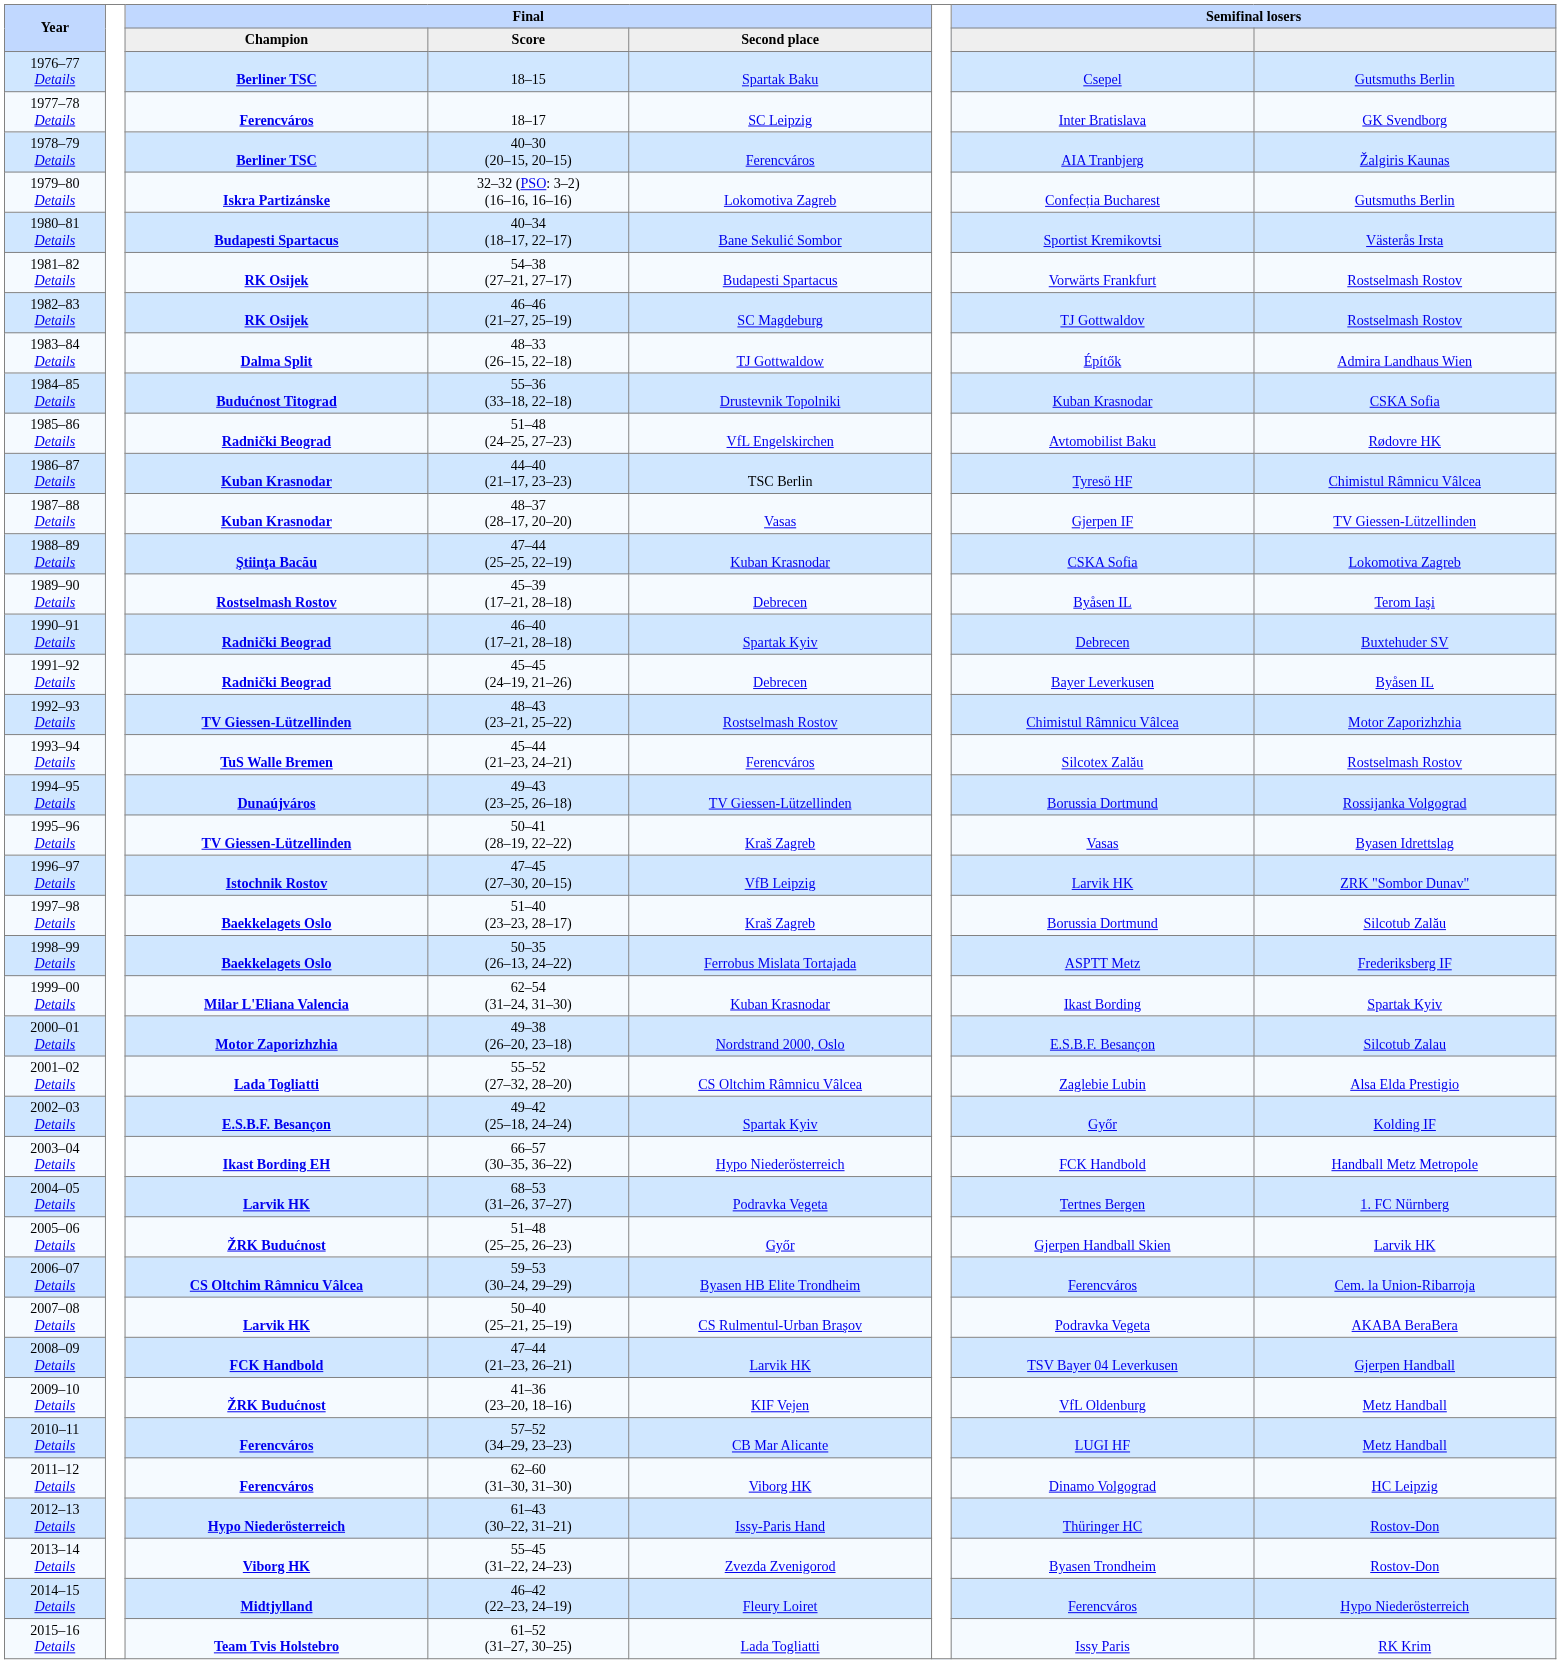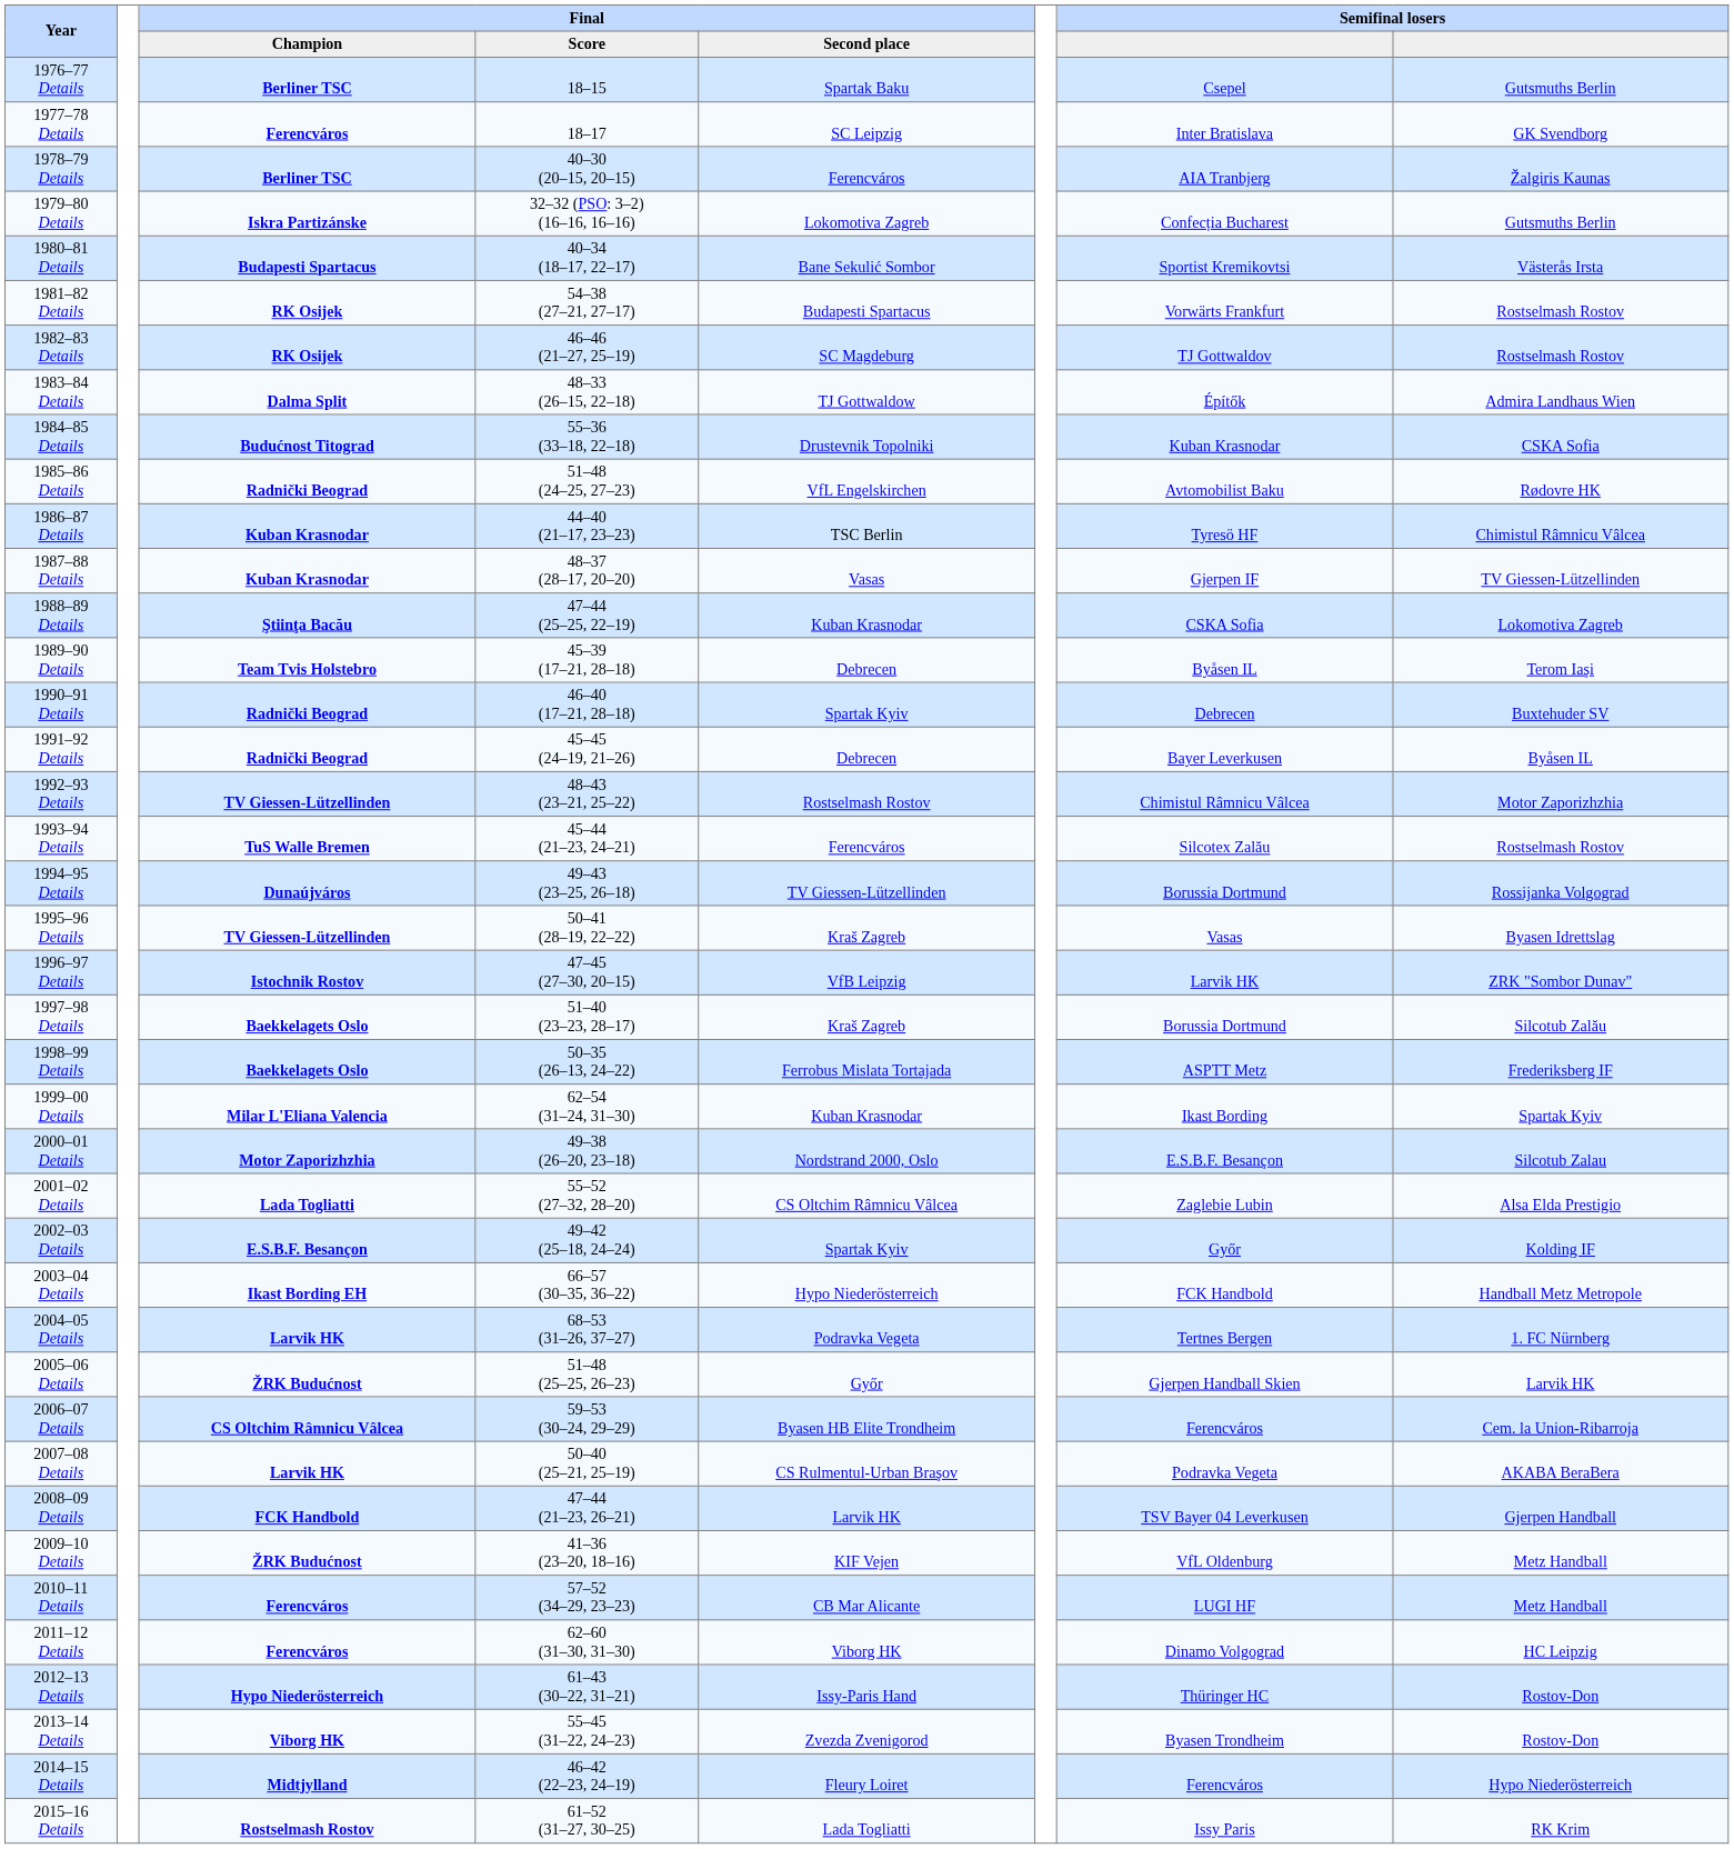 <table border=1 style="border-collapse:collapse; font-size:90%;" cellpadding=3 cellspacing=0 width=100%>
 <tr bgcolor=#C1D8FF>
 <th rowspan=2 width=5%>Year</th>
 <th width=1% rowspan=42 bgcolor=ffffff></th>
 <th colspan=3>Final</th>
 <th width=1% rowspan=42 bgcolor=ffffff></th>
 <th colspan=2>Semifinal losers</th>
 </tr>
 <tr bgcolor=#EFEFEF>
 <th width=15%>Champion</th>
 <th width=10%>Score</th>
 <th width=15%>Second place</th>
 <th width=15%></th>
 <th width=15%></th>
 </tr>
 <tr align=center valign=bottom bgcolor=#DOE7FF>
 <td>1976–77<br><em><a href='#'>Details</a></em></td>
 <td><br> <strong><a href='#'>Berliner TSC</a></strong></td>
 <td>18–15</td>
 <td><br><a href='#'>Spartak Baku</a></td>
 <td><br><a href='#'>Csepel</a></td>
 <td><br><a href='#'>Gutsmuths Berlin</a></td>
 </tr>
 <tr align=center valign=bottom bgcolor=#F5FAFF>
 <td>1977–78<br><em><a href='#'>Details</a></em></td>
 <td><br> <strong><a href='#'>Ferencváros</a></strong></td>
 <td>18–17</td>
 <td><br><a href='#'>SC Leipzig</a></td>
 <td><br><a href='#'>Inter Bratislava</a></td>
 <td><br><a href='#'>GK Svendborg</a></td>
 </tr>
 <tr align=center valign=bottom bgcolor=#DOE7FF>
 <td>1978–79<br><em><a href='#'>Details</a></em></td>
 <td><br> <strong><a href='#'>Berliner TSC</a></strong></td>
 <td>40–30<br>(20–15, 20–15)</td>
 <td><br><a href='#'>Ferencváros</a></td>
 <td><br><a href='#'>AIA Tranbjerg</a></td>
 <td><br><a href='#'>Žalgiris Kaunas</a></td>
 </tr>
 <tr align=center valign=bottom bgcolor=#F5FAFF>
 <td>1979–80<br><em><a href='#'>Details</a></em></td>
 <td><br> <strong><a href='#'>Iskra Partizánske</a></strong></td>
 <td>32–32 (<a href='#'>PSO</a>: 3–2)<br>(16–16, 16–16)</td>
 <td><br><a href='#'>Lokomotiva Zagreb</a></td>
 <td><br><a href='#'>Confecția Bucharest</a></td>
 <td><br><a href='#'>Gutsmuths Berlin</a></td>
 </tr>
 <tr align=center valign=bottom bgcolor=#DOE7FF>
 <td>1980–81<br><em><a href='#'>Details</a></em></td>
 <td><br> <strong><a href='#'>Budapesti Spartacus</a></strong></td>
 <td>40–34<br>(18–17, 22–17)</td>
 <td><br><a href='#'>Bane Sekulić Sombor</a></td>
 <td><br><a href='#'>Sportist Kremikovtsi</a></td>
 <td><br><a href='#'>Västerås Irsta</a></td>
 </tr>
 <tr align=center valign=bottom bgcolor=#F5FAFF>
 <td>1981–82<br><em><a href='#'>Details</a></em></td>
 <td><br> <strong><a href='#'>RK Osijek</a></strong></td>
 <td>54–38<br>(27–21, 27–17)</td>
 <td><br><a href='#'>Budapesti Spartacus</a></td>
 <td><br><a href='#'>Vorwärts Frankfurt</a></td>
 <td><br><a href='#'>Rostselmash Rostov</a></td>
 </tr>
 <tr align=center valign=bottom bgcolor=#DOE7FF>
 <td>1982–83<br><em><a href='#'>Details</a></em></td>
 <td><br> <strong><a href='#'>RK Osijek</a></strong></td>
 <td>46–46<br>(21–27, 25–19)</td>
 <td><br><a href='#'>SC Magdeburg</a></td>
 <td><br><a href='#'>TJ Gottwaldov</a></td>
 <td><br><a href='#'>Rostselmash Rostov</a></td>
 </tr>
 <tr align=center valign=bottom bgcolor=#F5FAFF>
 <td>1983–84<br><em><a href='#'>Details</a></em></td>
 <td><br> <strong><a href='#'>Dalma Split</a></strong></td>
 <td>48–33<br>(26–15, 22–18)</td>
 <td><br><a href='#'>TJ Gottwaldow</a></td>
 <td><br><a href='#'>Építők</a></td>
 <td><br><a href='#'>Admira Landhaus Wien</a></td>
 </tr>
 <tr align=center valign=bottom bgcolor=#DOE7FF>
 <td>1984–85<br><em><a href='#'>Details</a></em></td>
 <td><br> <strong><a href='#'>Budućnost Titograd</a></strong></td>
 <td>55–36<br>(33–18, 22–18)</td>
 <td><br><a href='#'>Drustevnik Topolniki</a></td>
 <td><br><a href='#'>Kuban Krasnodar</a></td>
 <td><br><a href='#'>CSKA Sofia</a></td>
 </tr>
 <tr align=center valign=bottom bgcolor=#F5FAFF>
 <td>1985–86<br><em><a href='#'>Details</a></em></td>
 <td><br> <strong><a href='#'>Radnički Beograd</a></strong></td>
 <td>51–48<br>(24–25, 27–23)</td>
 <td><br><a href='#'>VfL Engelskirchen</a></td>
 <td><br><a href='#'>Avtomobilist Baku</a></td>
 <td><br><a href='#'>Rødovre HK</a></td>
 </tr>
 <tr align=center valign=bottom bgcolor=#DOE7FF>
 <td>1986–87<br><em><a href='#'>Details</a></em></td>
 <td><br> <strong><a href='#'>Kuban Krasnodar</a></strong></td>
 <td>44–40<br>(21–17, 23–23)</td>
 <td><br>TSC Berlin</td>
 <td><br><a href='#'>Tyresö HF</a></td>
 <td><br><a href='#'>Chimistul Râmnicu Vâlcea</a></td>
 </tr>
 <tr align=center valign=bottom bgcolor=#F5FAFF>
 <td>1987–88<br><em><a href='#'>Details</a></em></td>
 <td><br> <strong><a href='#'>Kuban Krasnodar</a></strong></td>
 <td>48–37<br>(28–17, 20–20)</td>
 <td><br><a href='#'>Vasas</a></td>
 <td><br><a href='#'>Gjerpen IF</a></td>
 <td><br><a href='#'>TV Giessen-Lützellinden</a></td>
 </tr>
 <tr align=center valign=bottom bgcolor=#DOE7FF>
 <td>1988–89<br><em><a href='#'>Details</a></em></td>
 <td><br> <strong><a href='#'>Ştiinţa Bacău</a></strong></td>
 <td>47–44<br>(25–25, 22–19)</td>
 <td><br><a href='#'>Kuban Krasnodar</a></td>
 <td><br><a href='#'>CSKA Sofia</a></td>
 <td><br><a href='#'>Lokomotiva Zagreb</a></td>
 </tr>
 <tr align=center valign=bottom bgcolor=#F5FAFF>
 <td>1989–90<br><em><a href='#'>Details</a></em></td>
-<td><br> <strong><a href='#'>Rostselmash Rostov</a></strong></td>
+<td><br><strong><a href='#'>Team Tvis Holstebro</a></strong></td>
 <td>45–39<br>(17–21, 28–18)</td>
 <td><br><a href='#'>Debrecen</a></td>
 <td><br><a href='#'>Byåsen IL</a></td>
 <td><br><a href='#'>Terom Iaşi</a></td>
 </tr>
 <tr align=center valign=bottom bgcolor=#DOE7FF>
 <td>1990–91<br><em><a href='#'>Details</a></em></td>
 <td><br> <strong><a href='#'>Radnički Beograd</a></strong></td>
 <td>46–40<br>(17–21, 28–18)</td>
 <td><br><a href='#'>Spartak Kyiv</a></td>
 <td><br><a href='#'>Debrecen</a></td>
 <td><br><a href='#'>Buxtehuder SV</a></td>
 </tr>
 <tr align=center valign=bottom bgcolor=#F5FAFF>
 <td>1991–92<br><em><a href='#'>Details</a></em></td>
 <td><br> <strong><a href='#'>Radnički Beograd</a></strong></td>
 <td>45–45<br>(24–19, 21–26)</td>
 <td><br><a href='#'>Debrecen</a></td>
 <td><br><a href='#'>Bayer Leverkusen</a></td>
 <td><br><a href='#'>Byåsen IL</a></td>
 </tr>
 <tr align=center valign=bottom bgcolor=#DOE7FF>
 <td>1992–93<br><em><a href='#'>Details</a></em></td>
 <td><br> <strong><a href='#'>TV Giessen-Lützellinden</a></strong></td>
 <td>48–43<br>(23–21, 25–22)</td>
 <td><br><a href='#'>Rostselmash Rostov</a></td>
 <td><br><a href='#'>Chimistul Râmnicu Vâlcea</a></td>
 <td><br><a href='#'>Motor Zaporizhzhia</a></td>
 </tr>
 <tr align=center valign=bottom bgcolor=#F5FAFF>
 <td>1993–94<br><em><a href='#'>Details</a></em></td>
 <td><br> <strong><a href='#'>TuS Walle Bremen</a></strong></td>
 <td>45–44<br>(21–23, 24–21)</td>
 <td><br><a href='#'>Ferencváros</a></td>
 <td><br><a href='#'>Silcotex Zalău</a></td>
 <td><br><a href='#'>Rostselmash Rostov</a></td>
 </tr>
 <tr align=center valign=bottom bgcolor=#D0E7FF>
 <td>1994–95<br><em><a href='#'>Details</a></em></td>
 <td><br> <strong><a href='#'>Dunaújváros</a></strong></td>
 <td>49–43<br>(23–25, 26–18)</td>
 <td><br><a href='#'>TV Giessen-Lützellinden</a></td>
 <td><br><a href='#'>Borussia Dortmund</a></td>
 <td><br><a href='#'>Rossijanka Volgograd</a></td>
 </tr>
 <tr align=center valign=bottom bgcolor=#F5FAFF>
 <td>1995–96<br><em><a href='#'>Details</a></em></td>
 <td><br> <strong><a href='#'>TV Giessen-Lützellinden</a></strong></td>
 <td>50–41<br>(28–19, 22–22)</td>
 <td><br><a href='#'>Kraš Zagreb</a></td>
 <td><br><a href='#'>Vasas</a></td>
 <td><br> <a href='#'>Byasen Idrettslag</a></td>
 </tr>
 <tr align=center valign=bottom bgcolor=#D0E7FF>
 <td>1996–97<br><em><a href='#'>Details</a></em></td>
 <td><br> <strong><a href='#'>Istochnik Rostov</a></strong></td>
 <td>47–45<br>(27–30, 20–15)</td>
 <td><br><a href='#'>VfB Leipzig</a></td>
 <td><br><a href='#'>Larvik HK</a></td>
 <td> <br><a href='#'>ZRK "Sombor Dunav"</a></td>
 </tr>
 <tr align=center valign=bottom bgcolor=#F5FAFF>
 <td>1997–98<br><em><a href='#'>Details</a></em></td>
 <td><br> <strong><a href='#'>Baekkelagets Oslo</a></strong></td>
 <td>51–40<br>(23–23, 28–17)</td>
 <td><br><a href='#'>Kraš Zagreb</a></td>
 <td><br><a href='#'>Borussia Dortmund</a></td>
 <td> <br><a href='#'>Silcotub Zalău</a></td>
 </tr>
 <tr align=center valign=bottom bgcolor=#D0E7FF>
 <td>1998–99<br><em><a href='#'>Details</a></em></td>
 <td><br> <strong><a href='#'>Baekkelagets Oslo</a></strong></td>
 <td>50–35<br>(26–13, 24–22)</td>
 <td><br><a href='#'>Ferrobus Mislata Tortajada</a></td>
 <td><br><a href='#'>ASPTT Metz</a></td>
 <td> <br><a href='#'>Frederiksberg IF</a></td>
 </tr>
 <tr align=center valign=bottom bgcolor=#F5FAFF>
 <td>1999–00<br><em><a href='#'>Details</a></em></td>
 <td><br><strong><a href='#'>Milar L'Eliana Valencia</a></strong></td>
 <td>62–54<br>(31–24, 31–30)</td>
 <td><br><a href='#'>Kuban Krasnodar</a></td>
 <td><br><a href='#'>Ikast Bording</a></td>
 <td> <br><a href='#'>Spartak Kyiv</a></td>
 </tr>
 <tr align=center valign=bottom bgcolor=#D0E7FF>
 <td>2000–01<br><em><a href='#'>Details</a></em></td>
 <td><br><strong><a href='#'>Motor Zaporizhzhia</a></strong></td>
 <td>49–38<br>(26–20, 23–18)</td>
 <td><br><a href='#'>Nordstrand 2000, Oslo</a></td>
 <td><br><a href='#'>E.S.B.F. Besançon</a></td>
 <td><br><a href='#'>Silcotub Zalau</a></td>
 </tr>
 <tr align=center valign=bottom bgcolor=#F5FAFF>
 <td>2001–02<br><em><a href='#'>Details</a></em></td>
 <td><br> <strong><a href='#'>Lada Togliatti</a></strong></td>
 <td>55–52<br>(27–32, 28–20)</td>
 <td><br><a href='#'>CS Oltchim Râmnicu Vâlcea</a></td>
 <td><br><a href='#'>Zaglebie Lubin</a></td>
 <td><br> <a href='#'>Alsa Elda Prestigio</a></td>
 </tr>
 <tr align=center valign=bottom bgcolor=#D0E7FF>
 <td>2002–03<br><em><a href='#'>Details</a></em></td>
 <td><br> <strong><a href='#'>E.S.B.F. Besançon</a></strong></td>
 <td>49–42<br>(25–18, 24–24)</td>
 <td><br><a href='#'>Spartak Kyiv</a></td>
 <td><br><a href='#'>Győr</a></td>
 <td> <br><a href='#'>Kolding IF</a></td>
 </tr>
 <tr align=center valign=bottom bgcolor=#F5FAFF>
 <td>2003–04<br><em><a href='#'>Details</a></em></td>
 <td><br> <strong><a href='#'>Ikast Bording EH</a></strong></td>
 <td>66–57<br>(30–35, 36–22)</td>
 <td><br><a href='#'>Hypo Niederösterreich</a></td>
 <td><br><a href='#'>FCK Handbold</a></td>
 <td> <br><a href='#'>Handball Metz Metropole</a></td>
 </tr>
 <tr align=center valign=bottom bgcolor=#D0E7FF>
 <td>2004–05<br><em><a href='#'>Details</a></em></td>
 <td><br> <strong><a href='#'>Larvik HK</a></strong></td>
 <td>68–53<br>(31–26, 37–27)</td>
 <td><br><a href='#'>Podravka Vegeta</a></td>
 <td><br><a href='#'>Tertnes Bergen</a></td>
 <td> <br><a href='#'>1. FC Nürnberg</a></td>
 </tr>
 <tr align=center valign=bottom bgcolor=#F5FAFF>
 <td>2005–06<br><em><a href='#'>Details</a></em></td>
 <td><br><strong><a href='#'>ŽRK Budućnost</a></strong></td>
 <td>51–48<br>(25–25, 26–23)</td>
 <td><br><a href='#'>Győr</a></td>
 <td><br><a href='#'>Gjerpen Handball Skien</a></td>
 <td> <br><a href='#'>Larvik HK</a></td>
 </tr>
 <tr align=center valign=bottom bgcolor=#D0E7FF>
 <td>2006–07<br><em><a href='#'>Details</a></em></td>
 <td><br> <strong><a href='#'>CS Oltchim Râmnicu Vâlcea</a></strong></td>
 <td>59–53<br>(30–24, 29–29)</td>
 <td><br><a href='#'>Byasen HB Elite Trondheim</a></td>
 <td><br><a href='#'>Ferencváros</a></td>
 <td> <br><a href='#'>Cem. la Union-Ribarroja</a></td>
 </tr>
 <tr align=center valign=bottom bgcolor=#F5FAFF>
 <td>2007–08<br><em><a href='#'>Details</a></em></td>
 <td><br> <strong><a href='#'>Larvik HK</a></strong></td>
 <td>50–40<br>(25–21, 25–19)</td>
 <td><br><a href='#'>CS Rulmentul-Urban Braşov</a></td>
 <td><br><a href='#'>Podravka Vegeta</a></td>
 <td> <br><a href='#'>AKABA BeraBera</a></td>
 </tr>
 <tr align=center valign=bottom bgcolor=#D0E7FF>
 <td>2008–09<br><em><a href='#'>Details</a></em></td>
 <td><br><strong><a href='#'>FCK Handbold</a></strong></td>
 <td>47–44<br>(21–23, 26–21)</td>
 <td><br> <a href='#'>Larvik HK</a></td>
 <td><br><a href='#'>TSV Bayer 04 Leverkusen</a></td>
 <td><br><a href='#'>Gjerpen Handball</a></td>
 </tr>
 <tr align=center valign=bottom bgcolor=#F5FAFF>
 <td>2009–10<br><em><a href='#'>Details</a></em></td>
 <td><br><strong><a href='#'>ŽRK Budućnost</a></strong></td>
 <td>41–36<br>(23–20, 18–16)</td>
 <td><br><a href='#'>KIF Vejen</a></td>
 <td><br><a href='#'>VfL Oldenburg</a></td>
 <td><br><a href='#'>Metz Handball</a></td>
 </tr>
 <tr align=center valign=bottom bgcolor=#D0E7FF>
 <td>2010–11<br><em><a href='#'>Details</a></em></td>
 <td><br><strong><a href='#'>Ferencváros</a></strong></td>
 <td>57–52<br>(34–29, 23–23)</td>
 <td><br><a href='#'>CB Mar Alicante</a></td>
 <td><br><a href='#'>LUGI HF</a></td>
 <td><br><a href='#'>Metz Handball</a></td>
 </tr>
 <tr align=center valign=bottom bgcolor=#F5FAFF>
 <td>2011–12<br><em><a href='#'>Details</a></em></td>
 <td><br><strong><a href='#'>Ferencváros</a></strong></td>
 <td>62–60<br>(31–30, 31–30)</td>
 <td><br><a href='#'>Viborg HK</a></td>
 <td><br><a href='#'>Dinamo Volgograd</a></td>
 <td><br><a href='#'>HC Leipzig</a></td>
 </tr>
 <tr align=center valign=bottom bgcolor=#D0E7FF>
 <td>2012–13<br><em><a href='#'>Details</a></em></td>
 <td><br><strong><a href='#'>Hypo Niederösterreich</a></strong></td>
 <td>61–43<br>(30–22, 31–21)</td>
 <td><br><a href='#'>Issy-Paris Hand</a></td>
 <td><br><a href='#'>Thüringer HC</a></td>
 <td><br><a href='#'>Rostov-Don</a></td>
 </tr>
 <tr align=center valign=bottom bgcolor=#F5FAFF>
 <td>2013–14<br><em><a href='#'>Details</a></em></td>
 <td><br><strong><a href='#'>Viborg HK</a></strong></td>
 <td>55–45<br>(31–22, 24–23)</td>
 <td><br><a href='#'>Zvezda Zvenigorod</a></td>
 <td><br><a href='#'>Byasen Trondheim</a></td>
 <td><br><a href='#'>Rostov-Don</a></td>
 </tr>
 <tr align=center valign=bottom bgcolor=#D0E7FF>
 <td>2014–15<br><em><a href='#'>Details</a></em></td>
 <td><br><strong><a href='#'>Midtjylland</a></strong></td>
 <td>46–42<br>(22–23, 24–19)</td>
 <td><br><a href='#'>Fleury Loiret</a></td>
 <td><br><a href='#'>Ferencváros</a></td>
 <td><br><a href='#'>Hypo Niederösterreich</a></td>
 </tr>
 <tr align=center valign=bottom bgcolor=#F5FAFF>
 <td>2015–16<br><em><a href='#'>Details</a></em></td>
-<td><br><strong><a href='#'>Team Tvis Holstebro</a></strong></td>
+<td><br> <strong><a href='#'>Rostselmash Rostov</a></strong></td>
 <td>61–52<br>(31–27, 30–25)</td>
 <td><br><a href='#'>Lada Togliatti</a></td>
 <td><br><a href='#'>Issy Paris</a></td>
 <td><br><a href='#'>RK Krim</a></td>
 </tr>
 </table>
